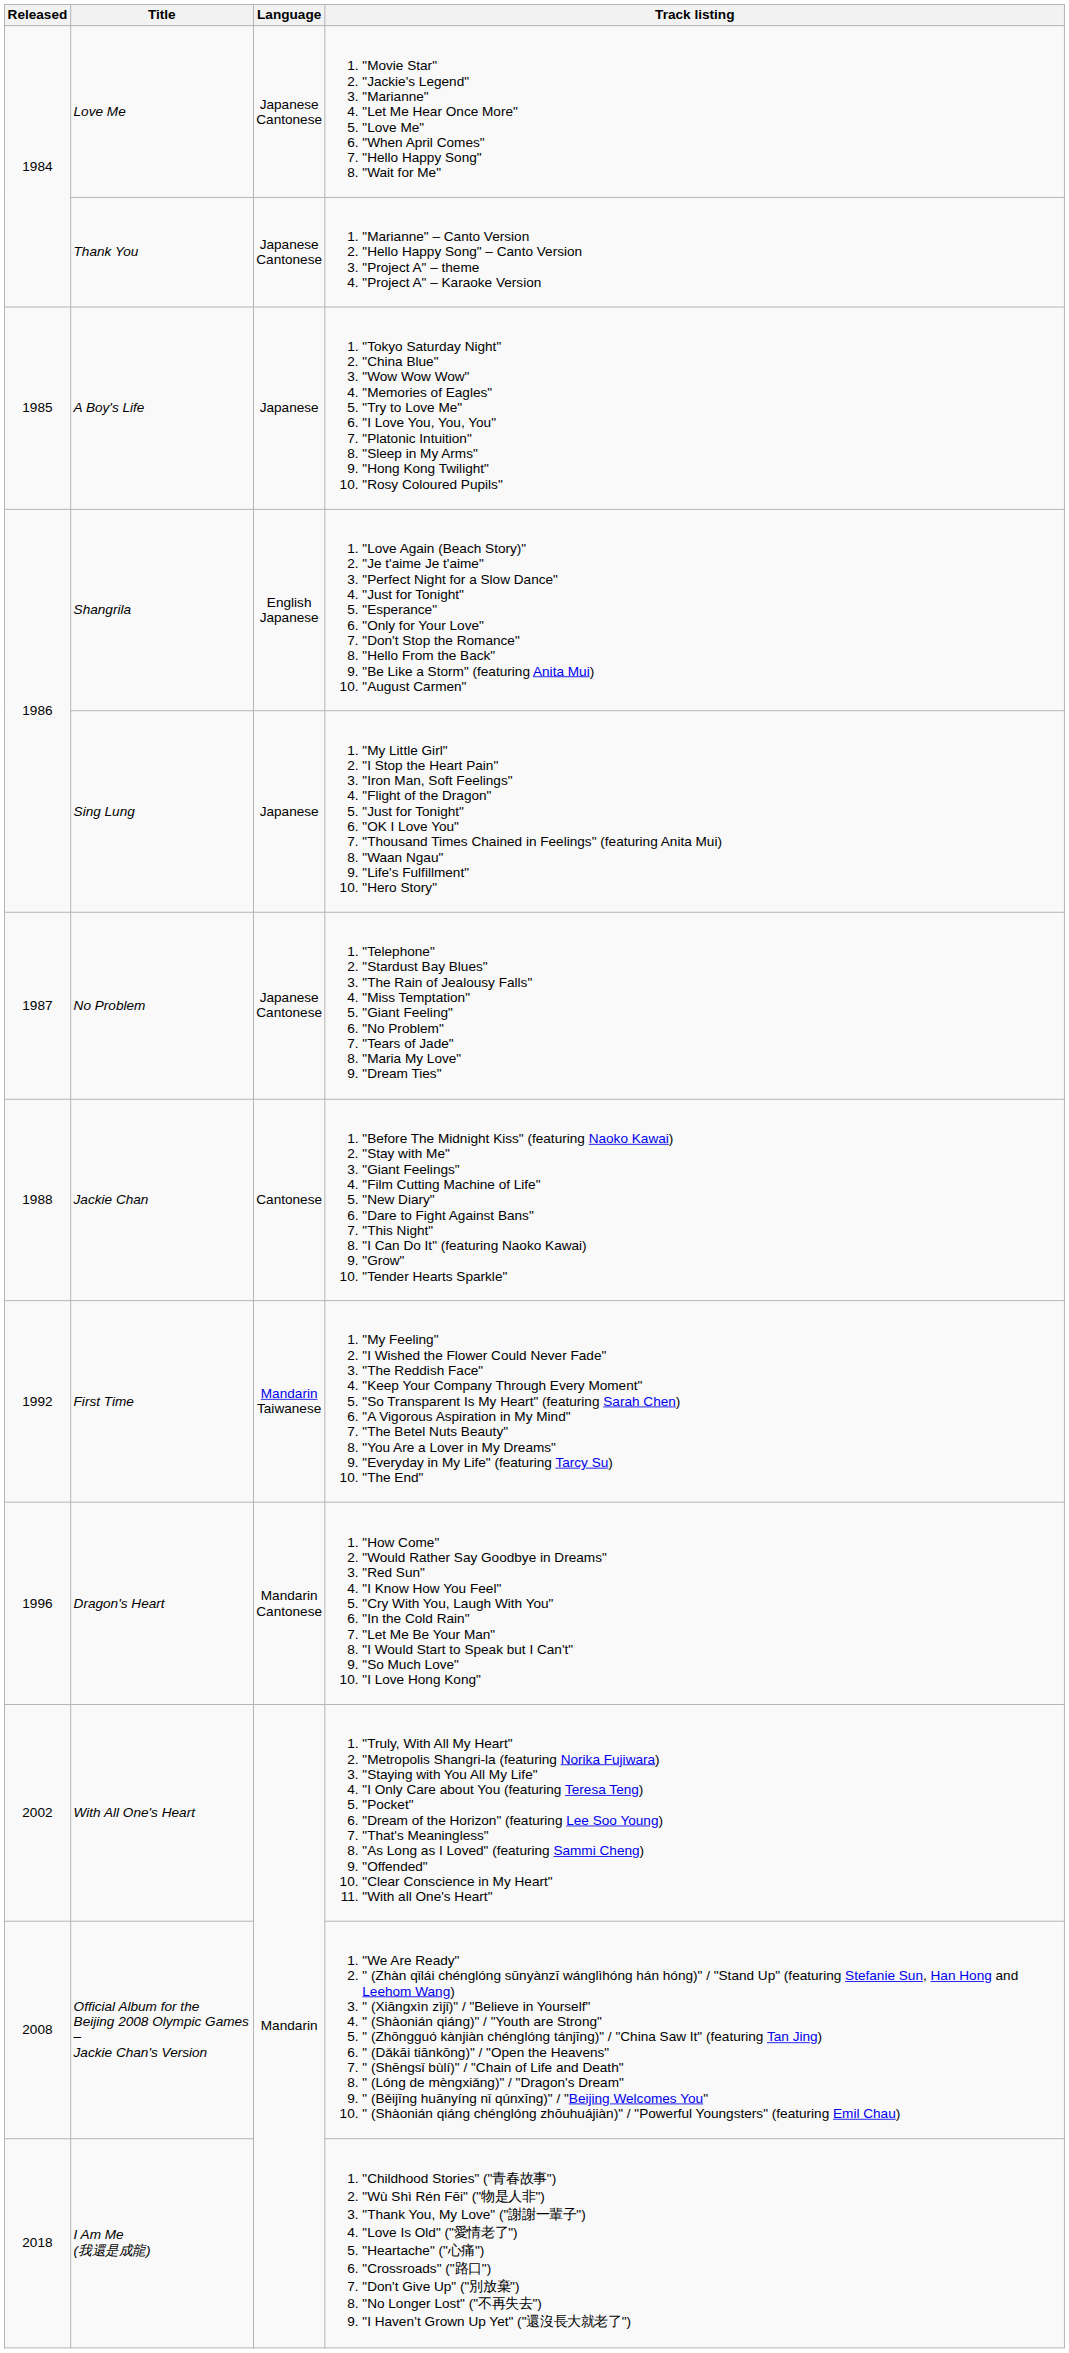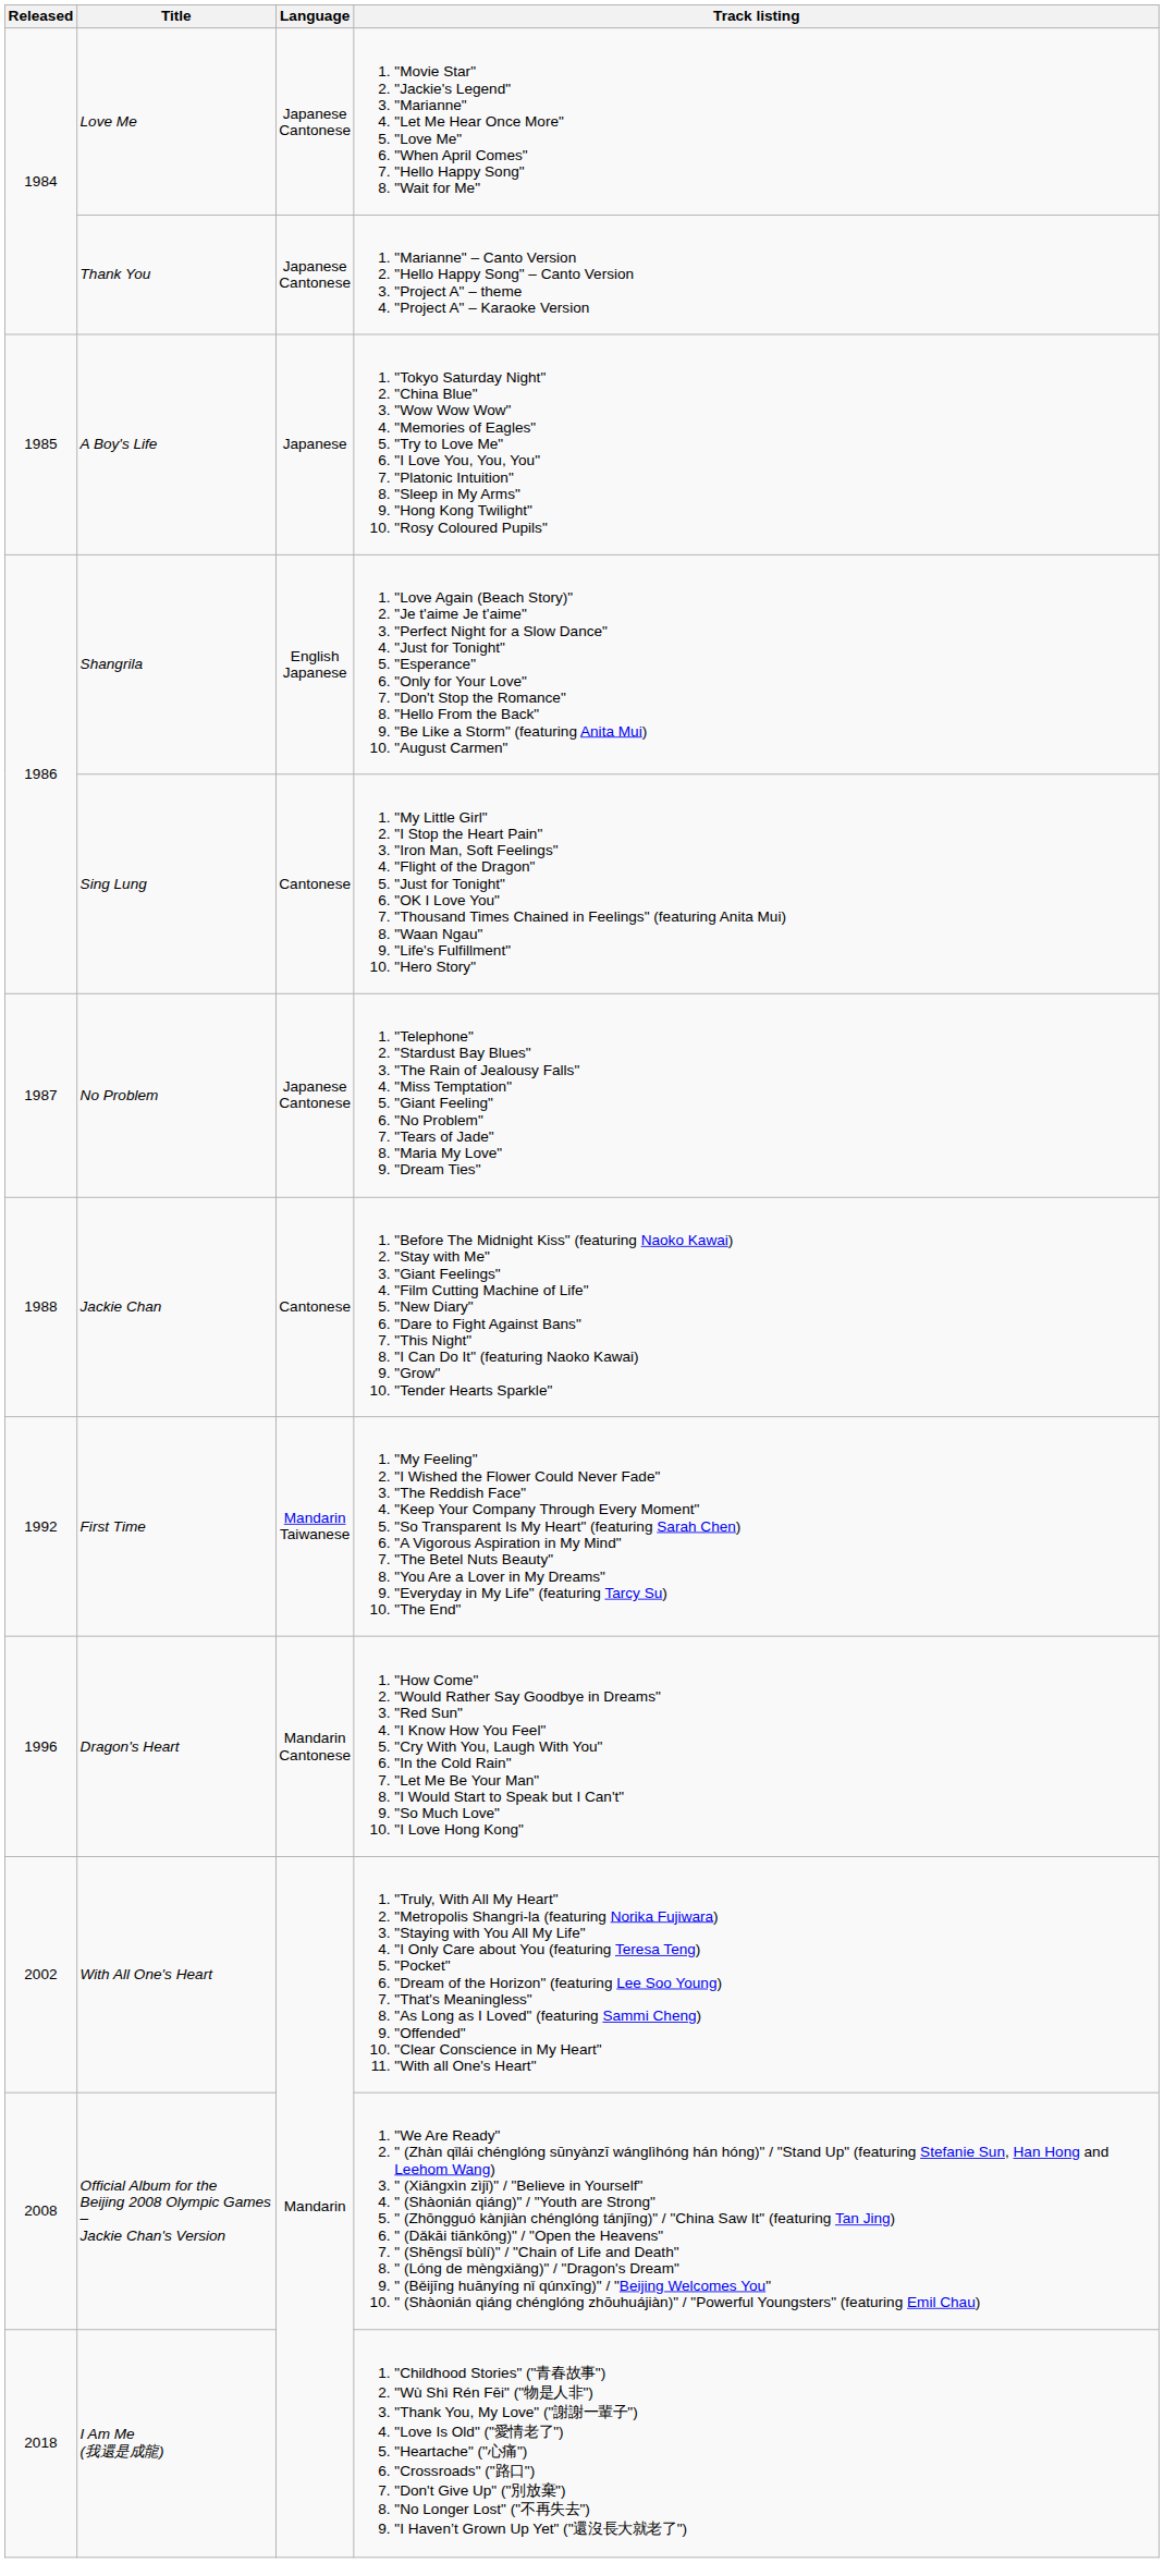 <table class="wikitable">
 <tr>
 <th>Released</th>
 <th>Title</th>
 <th>Language</th>
 <th>Track listing</th>
 </tr>
 <tr>
 <td style="text-align:center;" rowspan=2>1984</td>
 <td><em>Love Me</em></td>
 <td style="text-align:center;">Japanese<br>Cantonese</td>
 <td><br><ol><li>"Movie Star"</li><li>"Jackie's Legend"</li><li>"Marianne"</li><li>"Let Me Hear Once More"</li><li>"Love Me"</li><li>"When April Comes"</li><li>"Hello Happy Song"</li><li>"Wait for Me"</li></ol></td>
 </tr>
 <tr>
 <td><em>Thank You</em></td>
 <td style="text-align:center;">Japanese<br>Cantonese</td>
 <td><br><ol><li>"Marianne" – Canto Version</li><li>"Hello Happy Song" – Canto Version</li><li>"Project A" – theme</li><li>"Project A" – Karaoke Version</li></ol></td>
 </tr>
 <tr>
 <td style="text-align:center;">1985</td>
 <td><em>A Boy's Life</em></td>
 <td style="text-align:center;">Japanese</td>
 <td><br><ol><li>"Tokyo Saturday Night"</li><li>"China Blue"</li><li>"Wow Wow Wow"</li><li>"Memories of Eagles"</li><li>"Try to Love Me"</li><li>"I Love You, You, You"</li><li>"Platonic Intuition"</li><li>"Sleep in My Arms"</li><li>"Hong Kong Twilight"</li><li>"Rosy Coloured Pupils"</li></ol></td>
 </tr>
 <tr>
 <td style="text-align:center;" rowspan=2>1986</td>
 <td><em>Shangrila</em></td>
 <td style="text-align:center;">English<br>Japanese</td>
 <td><br><ol><li>"Love Again (Beach Story)"</li><li>"Je t'aime Je t'aime"</li><li>"Perfect Night for a Slow Dance"</li><li>"Just for Tonight"</li><li>"Esperance"</li><li>"Only for Your Love"</li><li>"Don't Stop the Romance"</li><li>"Hello From the Back"</li><li>"Be Like a Storm" (featuring <a href='#'>Anita Mui</a>)</li><li>"August Carmen"</li></ol></td>
 </tr>
 <tr>
 <td><em>Sing Lung</em></td>
-<td style="text-align:center;">Japanese</td>
+<td style="text-align:center;">Cantonese</td>
 <td><br><ol><li>"My Little Girl"</li><li>"I Stop the Heart Pain"</li><li>"Iron Man, Soft Feelings"</li><li>"Flight of the Dragon"</li><li>"Just for Tonight"</li><li>"OK I Love You"</li><li>"Thousand Times Chained in Feelings" (featuring Anita Mui)</li><li>"Waan Ngau"</li><li>"Life's Fulfillment"</li><li>"Hero Story"</li></ol></td>
 </tr>
 <tr>
 <td style="text-align:center;">1987</td>
 <td><em>No Problem</em></td>
 <td style="text-align:center;">Japanese<br>Cantonese</td>
 <td><br><ol><li>"Telephone"</li><li>"Stardust Bay Blues"</li><li>"The Rain of Jealousy Falls"</li><li>"Miss Temptation"</li><li>"Giant Feeling"</li><li>"No Problem"</li><li>"Tears of Jade"</li><li>"Maria My Love"</li><li>"Dream Ties"</li></ol></td>
 </tr>
 <tr>
 <td style="text-align:center;">1988</td>
 <td><em>Jackie Chan</em></td>
 <td style="text-align:center;">Cantonese</td>
 <td><br><ol><li>"Before The Midnight Kiss" (featuring <a href='#'>Naoko Kawai</a>)</li><li>"Stay with Me"</li><li>"Giant Feelings"</li><li>"Film Cutting Machine of Life"</li><li>"New Diary"</li><li>"Dare to Fight Against Bans"</li><li>"This Night"</li><li>"I Can Do It" (featuring Naoko Kawai)</li><li>"Grow"</li><li>"Tender Hearts Sparkle"</li></ol></td>
 </tr>
 <tr>
 <td style="text-align:center;">1992</td>
 <td><em>First Time</em></td>
 <td style="text-align:center;"><a href='#'>Mandarin</a><br>Taiwanese</td>
 <td><br><ol><li>"My Feeling"</li><li>"I Wished the Flower Could Never Fade"</li><li>"The Reddish Face"</li><li>"Keep Your Company Through Every Moment"</li><li>"So Transparent Is My Heart" (featuring <a href='#'>Sarah Chen</a>)</li><li>"A Vigorous Aspiration in My Mind"</li><li>"The Betel Nuts Beauty"</li><li>"You Are a Lover in My Dreams"</li><li>"Everyday in My Life" (featuring <a href='#'>Tarcy Su</a>)</li><li>"The End"</li></ol></td>
 </tr>
 <tr>
 <td style="text-align:center;">1996</td>
 <td><em>Dragon's Heart</em></td>
 <td style="text-align:center;">Mandarin<br>Cantonese</td>
 <td><br><ol><li>"How Come"</li><li>"Would Rather Say Goodbye in Dreams"</li><li>"Red Sun"</li><li>"I Know How You Feel"</li><li>"Cry With You, Laugh With You"</li><li>"In the Cold Rain"</li><li>"Let Me Be Your Man"</li><li>"I Would Start to Speak but I Can't"</li><li>"So Much Love"</li><li>"I Love Hong Kong"</li></ol></td>
 </tr>
 <tr>
 <td style="text-align:center;">2002</td>
 <td><em>With All One's Heart</em></td>
 <td rowspan=3 style="text-align:center;">Mandarin</td>
 <td><br><ol><li>"Truly, With All My Heart"</li><li>"Metropolis Shangri-la (featuring <a href='#'>Norika Fujiwara</a>)</li><li>"Staying with You All My Life"</li><li>"I Only Care about You (featuring <a href='#'>Teresa Teng</a>)</li><li>"Pocket"</li><li>"Dream of the Horizon" (featuring <a href='#'>Lee Soo Young</a>)</li><li>"That's Meaningless"</li><li>"As Long as I Loved" (featuring <a href='#'>Sammi Cheng</a>)</li><li>"Offended"</li><li>"Clear Conscience in My Heart"</li><li>"With all One's Heart"</li></ol></td>
 </tr>
 <tr>
 <td style="text-align:center;">2008</td>
 <td><em>Official Album for the <br>Beijing 2008 Olympic Games – <br>Jackie Chan's Version</em></td>
 <td><br><ol><li>"We Are Ready"</li><li>" (Zhàn qǐlái chénglóng sūnyànzī wánglìhóng hán hóng)" / "Stand Up" (featuring <a href='#'>Stefanie Sun</a>, <a href='#'>Han Hong</a> and <a href='#'>Leehom Wang</a>)</li><li>" (Xiāngxìn zìjǐ)" / "Believe in Yourself"</li><li>" (Shàonián qiáng)" / "Youth are Strong"</li><li>" (Zhōngguó kànjiàn chénglóng tánjīng)" / "China Saw It" (featuring <a href='#'>Tan Jing</a>)</li><li>" (Dǎkāi tiānkōng)" / "Open the Heavens"</li><li>" (Shēngsǐ bùlí)" / "Chain of Life and Death"</li><li>" (Lóng de mèngxiǎng)" / "Dragon's Dream"</li><li>" (Běijīng huānyíng nǐ qúnxīng)" / "<a href='#'>Beijing Welcomes You</a>"</li><li>" (Shàonián qiáng chénglóng zhōuhuájiàn)" / "Powerful Youngsters" (featuring <a href='#'>Emil Chau</a>)</li></ol></td>
 </tr>
 <tr>
 <td style="text-align:center;">2018</td>
 <td><em>I Am Me <br>(我還是成龍)</em></td>
 <td><br><ol><li>"Childhood Stories"  ("青春故事")</li><li>"Wù Shì Rén Fēi"  ("物是人非")</li><li>"Thank You, My Love"  ("謝謝一輩子")</li><li>"Love Is Old"  ("愛情老了")</li><li>"Heartache"  ("心痛")</li><li>"Crossroads"  ("路口")</li><li>"Don't Give Up"  ("別放棄")</li><li>"No Longer Lost"  ("不再失去")</li><li>"I Haven’t Grown Up Yet"  ("還沒長大就老了")</li></ol></td>
 </tr>
 </table>
